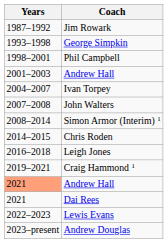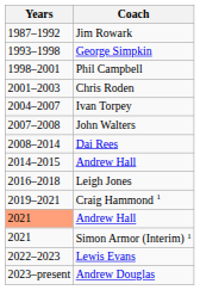 <table class=wikitable>
 <tr>
 <th>Years</th>
 <th>Coach</th>
 </tr>
 <tr>
 <td>1987–1992</td>
 <td> Jim Rowark</td>
 </tr>
 <tr>
 <td>1993–1998</td>
 <td> <a href='#'>George Simpkin</a></td>
 </tr>
 <tr>
 <td>1998–2001</td>
 <td> Phil Campbell</td>
 </tr>
 <tr>
 <td>2001–2003</td>
-<td> <a href='#'>Andrew Hall</a></td>
+<td> Chris Roden</td>
 </tr>
 <tr>
 <td>2004–2007</td>
 <td> Ivan Torpey</td>
 </tr>
 <tr>
 <td>2007–2008</td>
 <td> John Walters</td>
 </tr>
 <tr>
 <td>2008–2014</td>
-<td> Simon Armor (Interim) <small><sup>1</sup></small></td>
+<td> <a href='#'>Dai Rees</a></td>
 </tr>
 <tr>
 <td>2014–2015</td>
-<td> Chris Roden</td>
+<td> <a href='#'>Andrew Hall</a></td>
 </tr>
 <tr>
 <td>2016–2018</td>
 <td> Leigh Jones</td>
 </tr>
 <tr>
 <td>2019–2021</td>
 <td> Craig Hammond <small><sup>1</sup></small></td>
 </tr>
 <tr>
 <td style="background: lightsalmon;">2021</td>
 <td> <a href='#'>Andrew Hall</a></td>
 </tr>
 <tr>
 <td>2021</td>
-<td> <a href='#'>Dai Rees</a></td>
+<td> Simon Armor (Interim) <small><sup>1</sup></small></td>
 </tr>
 <tr>
 <td>2022–2023</td>
 <td> <a href='#'>Lewis Evans</a></td>
 </tr>
 <tr>
 <td>2023–present</td>
 <td> <a href='#'>Andrew Douglas</a></td>
 </tr>
 </table>
